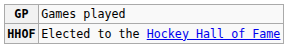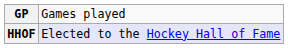 <table class="wikitable" style="font-size:90%;">
 <tr>
 <th>GP</th>
 <td>Games played</td>
 </tr>
 <tr>
 <th>HHOF</th>
-<td>Elected to the <a href='#'>Hockey Hall of Fame</a></td>
+<td style="background: lavender;">Elected to the <a href='#'>Hockey Hall of Fame</a></td>
 </tr>
 </table>
